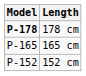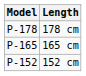 <table class="wikitable">
 <tr>
 <th>Model</th>
 <th>Length</th>
 </tr>
 <tr>
-<td><strong>P-178</strong></td>
+<td>P-178</td>
 <td>178 cm</td>
 </tr>
 <tr>
 <td>P-165</td>
 <td>165 cm</td>
 </tr>
 <tr>
 <td>P-152</td>
 <td>152 cm</td>
 </tr>
 </table>
